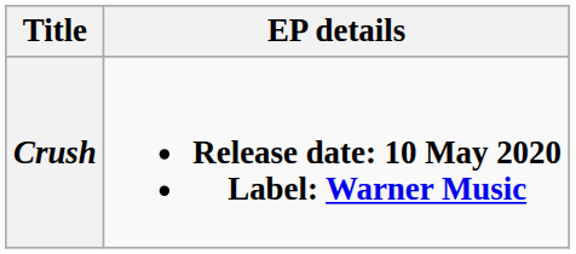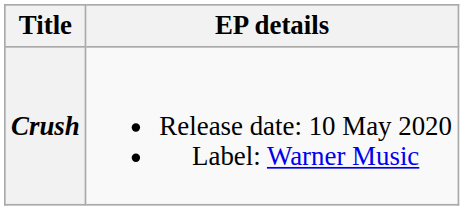 <table class="wikitable plainrowheaders" style="text-align:center;">
 <tr>
 <th scope="col" rowspan="1">Title</th>
 <th scope="col" rowspan="1">EP details</th>
 </tr>
 <tr>
 <th scope="row"><em>Crush</em></th>
-<td><strong><br><ul><li>Release date: 10 May 2020</li><li>Label: <a href='#'>Warner Music</a></li></ul></strong></td>
+<td><br><ul><li>Release date: 10 May 2020</li><li>Label: <a href='#'>Warner Music</a></li></ul></td>
 </tr>
 </table>
